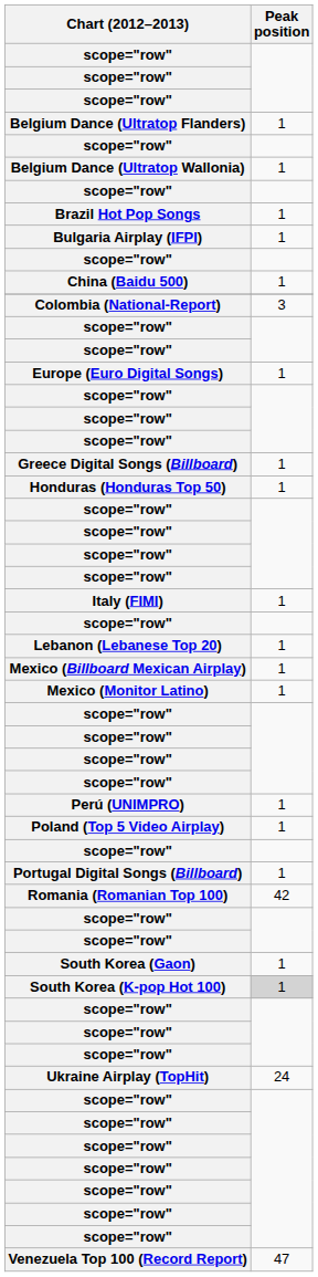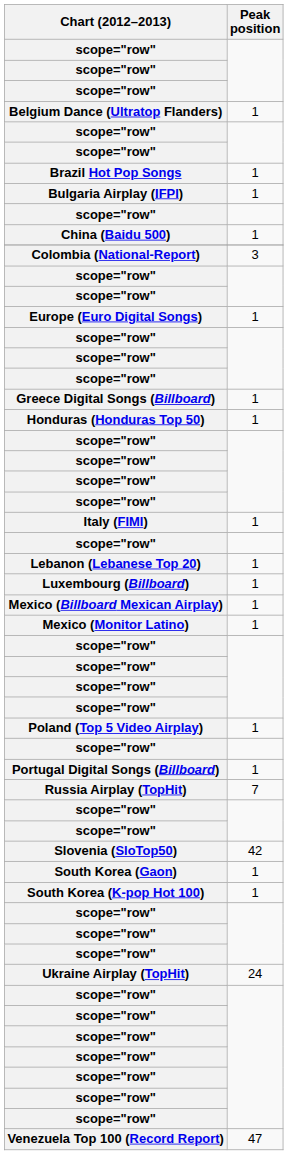 <table class="wikitable plainrowheaders sortable">
 <tr>
 <th>Chart (2012–2013)</th>
 <th>Peak<br>position</th>
 </tr>
 <tr>
 <th>scope="row" </th>
 </tr>
 <tr>
 <th>scope="row" </th>
 </tr>
 <tr>
 <th>scope="row" </th>
 </tr>
 <tr>
 <th scope="row">Belgium Dance (<a href='#'>Ultratop</a> Flanders)</th>
 <td style="text-align:center;">1</td>
 </tr>
 <tr>
 <th>scope="row" </th>
-</tr>
-<tr>
-<th scope="row">Belgium Dance (<a href='#'>Ultratop</a> Wallonia)</th>
-<td style="text-align:center;">1</td>
 </tr>
 <tr>
 <th>scope="row" </th>
 </tr>
 <tr>
 <th scope="row">Brazil <a href='#'>Hot Pop Songs</a></th>
 <td style="text-align:center;">1</td>
 </tr>
 <tr>
 <th scope="row">Bulgaria Airplay (<a href='#'>IFPI</a>)</th>
 <td style="text-align:center">1</td>
 </tr>
 <tr>
 <th>scope="row" </th>
 </tr>
 <tr>
 <th scope="row">China (<a href='#'>Baidu 500</a>)</th>
 <td style="text-align:center">1</td>
 </tr>
 <tr>
 </tr>
 <tr>
 <th scope="row">Colombia (<a href='#'>National-Report</a>)</th>
 <td style="text-align:center;">3</td>
 </tr>
 <tr>
 <th>scope="row" </th>
 </tr>
 <tr>
 <th>scope="row" </th>
 </tr>
 <tr>
 <th scope="row">Europe (<a href='#'>Euro Digital Songs</a>)</th>
 <td style="text-align:center;">1</td>
 </tr>
 <tr>
 <th>scope="row" </th>
 </tr>
 <tr>
 <th>scope="row" </th>
 </tr>
 <tr>
 <th>scope="row" </th>
 </tr>
 <tr>
 <th scope="row">Greece Digital Songs (<a href='#'><em>Billboard</em></a>)</th>
 <td style="text-align:center;">1</td>
 </tr>
 <tr>
 <th scope="row">Honduras (<a href='#'>Honduras Top 50</a>)</th>
 <td style="text-align:center;">1</td>
 </tr>
 <tr>
 <th>scope="row" </th>
 </tr>
 <tr>
 <th>scope="row" </th>
 </tr>
 <tr>
 <th>scope="row" </th>
 </tr>
 <tr>
 <th>scope="row" </th>
 </tr>
 <tr>
 <th scope="row">Italy (<a href='#'>FIMI</a>)</th>
 <td style="text-align:center">1</td>
 </tr>
 <tr>
 <th>scope="row" </th>
 </tr>
 <tr>
 <th scope="row">Lebanon (<a href='#'>Lebanese Top 20</a>)</th>
 <td style="text-align:center">1</td>
 </tr>
 <tr>
+<th scope="row">Luxembourg (<a href='#'><em>Billboard</em></a>)</th>
+<td style="text-align:center">1</td>
+</tr>
+<tr>
 <th scope="row">Mexico (<a href='#'><em>Billboard</em> Mexican Airplay</a>)</th>
 <td style="text-align:center;">1</td>
 </tr>
 <tr>
 <th scope="row">Mexico (<a href='#'>Monitor Latino</a>)</th>
 <td style="text-align:center;">1</td>
 </tr>
 <tr>
 <th>scope="row" </th>
 </tr>
 <tr>
 <th>scope="row" </th>
 </tr>
 <tr>
 <th>scope="row" </th>
 </tr>
 <tr>
 <th>scope="row" </th>
 </tr>
 <tr>
-<th scope="row">Perú (<a href='#'>UNIMPRO</a>)</th>
-<td style="text-align:center;">1</td>
-</tr>
-<tr>
 <th scope="row">Poland (<a href='#'>Top 5 Video Airplay</a>)</th>
 <td style="text-align:center;">1</td>
 </tr>
 <tr>
 <th>scope="row" </th>
 </tr>
 <tr>
 <th scope="row">Portugal Digital Songs (<a href='#'><em>Billboard</em></a>)</th>
 <td style="text-align:center">1</td>
 </tr>
 <tr>
-<th scope="row">Romania (<a href='#'>Romanian Top 100</a>)</th>
-<td style="text-align:center">42</td>
+<th scope="row">Russia Airplay (<a href='#'>TopHit</a>)</th>
+<td style="text-align:center">7</td>
 </tr>
 <tr>
 <th>scope="row" </th>
 </tr>
 <tr>
 <th>scope="row" </th>
 </tr>
 <tr>
+<th scope="row">Slovenia (<a href='#'>SloTop50</a>)</th>
+<td align=center>42</td>
+</tr>
+<tr>
 <th scope="row">South Korea (<a href='#'>Gaon</a>)</th>
 <td style="text-align:center">1</td>
 </tr>
 <tr>
 <th scope="row">South Korea (<a href='#'>K-pop Hot 100</a>)</th>
-<td style="background: lightgrey; text-align:center">1</td>
+<td style="text-align:center">1</td>
 </tr>
 <tr>
 <th>scope="row" </th>
 </tr>
 <tr>
 <th>scope="row" </th>
 </tr>
 <tr>
 <th>scope="row" </th>
 </tr>
 <tr>
 <th scope="row">Ukraine Airplay (<a href='#'>TopHit</a>)</th>
 <td style="text-align:center">24</td>
 </tr>
 <tr>
 <th>scope="row" </th>
 </tr>
 <tr>
 <th>scope="row" </th>
 </tr>
 <tr>
 <th>scope="row" </th>
 </tr>
 <tr>
 <th>scope="row" </th>
 </tr>
 <tr>
 <th>scope="row" </th>
 </tr>
 <tr>
 <th>scope="row" </th>
 </tr>
 <tr>
 <th>scope="row" </th>
 </tr>
 <tr>
 <th scope="row">Venezuela Top 100 (<a href='#'>Record Report</a>)</th>
 <td style="text-align:center">47</td>
 </tr>
 </table>
